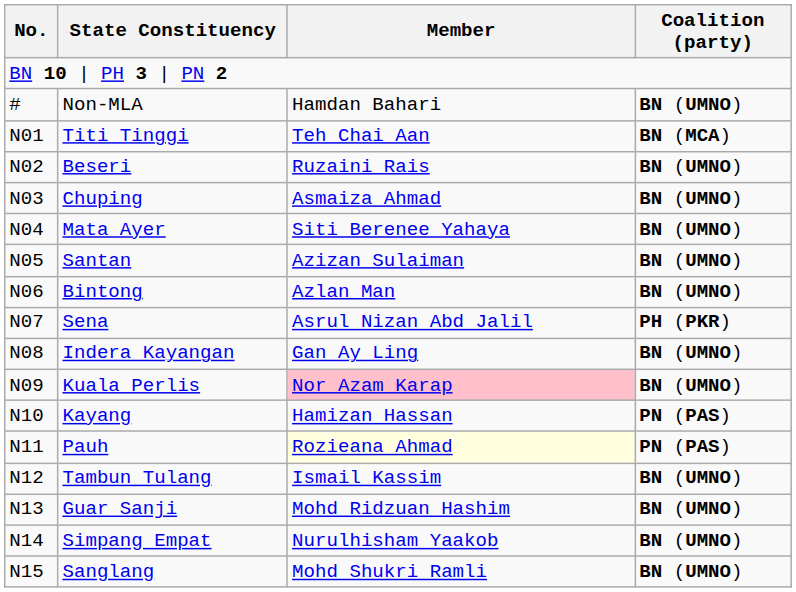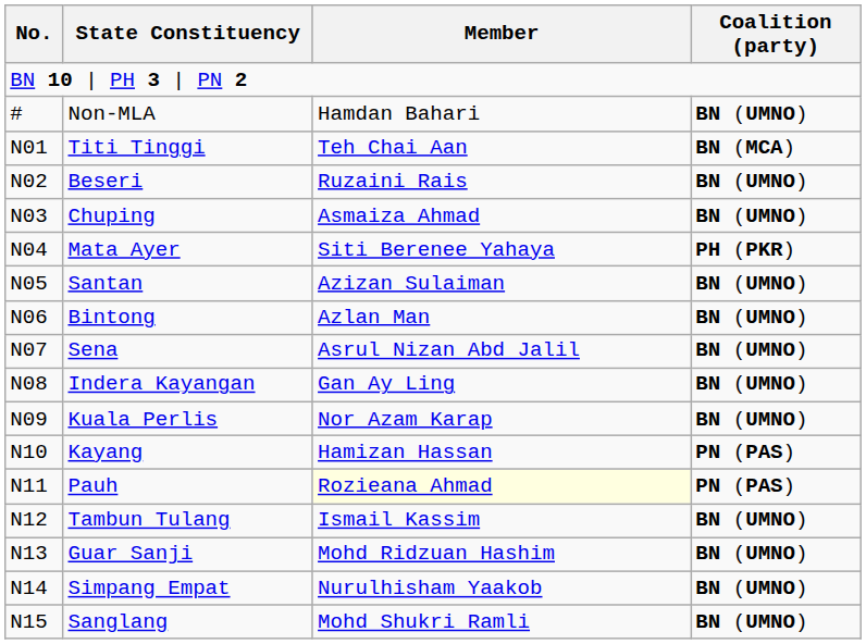 <table class="wikitable sortable">
 <tr>
 <th style="width:30px;">No.</th>
 <th style="width:150px;">State Constituency</th>
 <th style="width:230px;">Member</th>
 <th style="width:100px;">Coalition (party)</th>
 </tr>
 <tr>
 <td colspan="7"><a href='#'>BN</a> <strong>10</strong> | <a href='#'>PH</a> <strong>3</strong> | <a href='#'>PN</a> <strong>2</strong></td>
 </tr>
 <tr>
 <td>#</td>
 <td>Non-MLA</td>
 <td>Hamdan Bahari</td>
 <td bgcolor=><strong>BN</strong> (<strong>UMNO</strong>)</td>
 </tr>
 <tr>
 <td>N01</td>
 <td><a href='#'>Titi Tinggi</a></td>
 <td><a href='#'>Teh Chai Aan</a></td>
 <td bgcolor=><strong>BN</strong> (<strong>MCA</strong>)</td>
 </tr>
 <tr>
 <td>N02</td>
 <td><a href='#'>Beseri</a></td>
 <td><a href='#'>Ruzaini Rais</a></td>
 <td bgcolor=><strong>BN</strong> (<strong>UMNO</strong>)</td>
 </tr>
 <tr>
 <td>N03</td>
 <td><a href='#'>Chuping</a></td>
 <td><a href='#'>Asmaiza Ahmad</a></td>
 <td bgcolor=><strong>BN</strong> (<strong>UMNO</strong>)</td>
 </tr>
 <tr>
 <td>N04</td>
 <td><a href='#'>Mata Ayer</a></td>
 <td><a href='#'>Siti Berenee Yahaya</a></td>
-<td bgcolor=><strong>BN</strong> (<strong>UMNO</strong>)</td>
+<td bgcolor=><strong>PH</strong> (<strong>PKR</strong>)</td>
 </tr>
 <tr>
 <td>N05</td>
 <td><a href='#'>Santan</a></td>
 <td><a href='#'>Azizan Sulaiman</a></td>
 <td bgcolor=><strong>BN</strong> (<strong>UMNO</strong>)</td>
 </tr>
 <tr>
 <td>N06</td>
 <td><a href='#'>Bintong</a></td>
 <td><a href='#'>Azlan Man</a></td>
 <td bgcolor=><strong>BN</strong> (<strong>UMNO</strong>)</td>
 </tr>
 <tr>
 <td>N07</td>
 <td><a href='#'>Sena</a></td>
 <td><a href='#'>Asrul Nizan Abd Jalil</a></td>
-<td bgcolor=><strong>PH</strong> (<strong>PKR</strong>)</td>
+<td bgcolor=><strong>BN</strong> (<strong>UMNO</strong>)</td>
 </tr>
 <tr>
 <td>N08</td>
 <td><a href='#'>Indera Kayangan</a></td>
 <td><a href='#'>Gan Ay Ling</a></td>
 <td bgcolor=><strong>BN</strong> (<strong>UMNO</strong>)</td>
 </tr>
 <tr>
 <td>N09</td>
 <td><a href='#'>Kuala Perlis</a></td>
-<td style="background: pink;"><a href='#'>Nor Azam Karap</a></td>
+<td><a href='#'>Nor Azam Karap</a></td>
 <td bgcolor=><strong>BN</strong> (<strong>UMNO</strong>)</td>
 </tr>
 <tr>
 <td>N10</td>
 <td><a href='#'>Kayang</a></td>
 <td><a href='#'>Hamizan Hassan</a></td>
 <td style="background:"><strong>PN</strong> (<strong>PAS</strong>)</td>
 </tr>
 <tr>
 <td>N11</td>
 <td><a href='#'>Pauh</a></td>
 <td style="background: lightyellow;"><a href='#'>Rozieana Ahmad</a></td>
 <td style="background:"><strong>PN</strong> (<strong>PAS</strong>)</td>
 </tr>
 <tr>
 <td>N12</td>
 <td><a href='#'>Tambun Tulang</a></td>
 <td><a href='#'>Ismail Kassim</a></td>
 <td style="background:"><strong>BN</strong> (<strong>UMNO</strong>)</td>
 </tr>
 <tr>
 <td>N13</td>
 <td><a href='#'>Guar Sanji</a></td>
 <td><a href='#'>Mohd Ridzuan Hashim</a></td>
 <td bgcolor=><strong>BN</strong> (<strong>UMNO</strong>)</td>
 </tr>
 <tr>
 <td>N14</td>
 <td><a href='#'>Simpang Empat</a></td>
 <td><a href='#'>Nurulhisham Yaakob</a></td>
 <td bgcolor=><strong>BN</strong> (<strong>UMNO</strong>)</td>
 </tr>
 <tr>
 <td>N15</td>
 <td><a href='#'>Sanglang</a></td>
 <td><a href='#'>Mohd Shukri Ramli</a></td>
 <td bgcolor=><strong>BN</strong> (<strong>UMNO</strong>)</td>
 </tr>
 </table>
